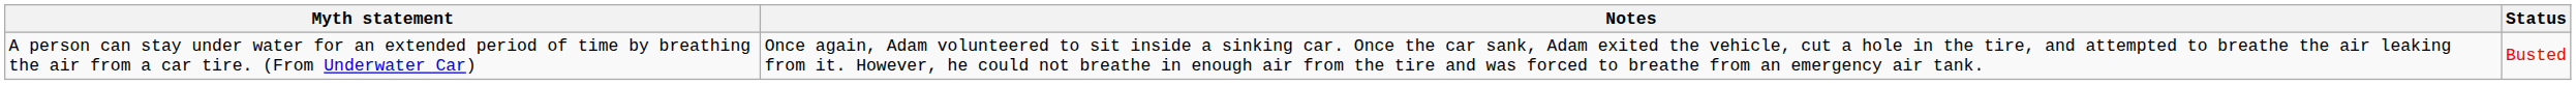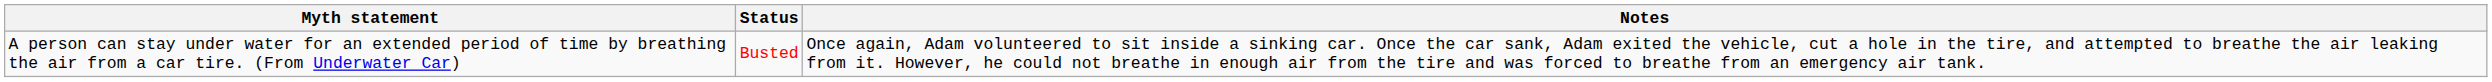 <table class="wikitable plainrowheaders">
 <tr>
 <th>Myth statement</th>
+<th>Status</th>
 <th>Notes</th>
-<th>Status</th>
 </tr>
 <tr>
 <td>A person can stay under water for an extended period of time by breathing the air from a car tire. (From <a href='#'>Underwater Car</a>)</td>
+<td style="color:Red">Busted</td>
 <td>Once again, Adam volunteered to sit inside a sinking car. Once the car sank, Adam exited the vehicle, cut a hole in the tire, and attempted to breathe the air leaking from it. However, he could not breathe in enough air from the tire and was forced to breathe from an emergency air tank.</td>
-<td style="color:Red">Busted</td>
 </tr>
 </table>
